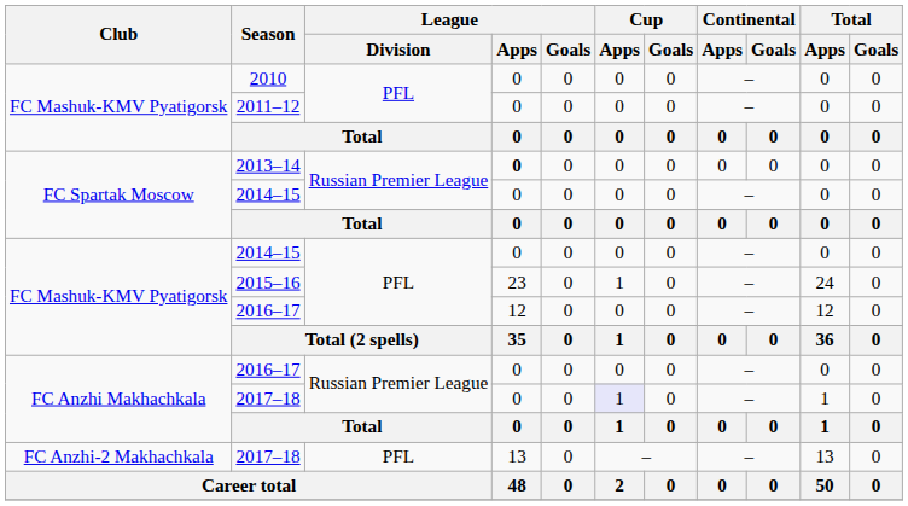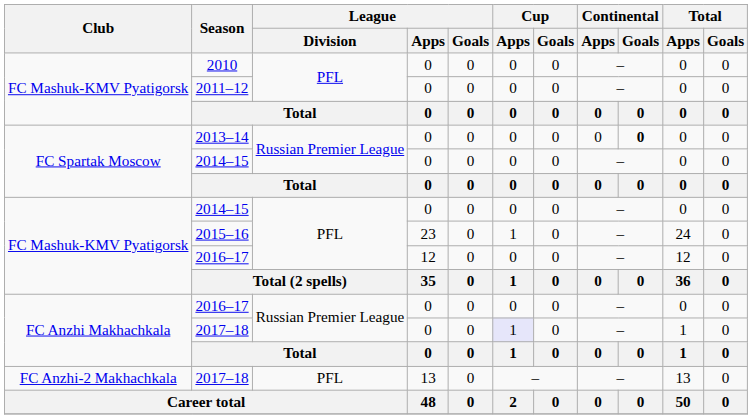 <table class="wikitable" style="text-align: center;">
 <tr>
 <th rowspan=2>Club</th>
 <th rowspan=2>Season</th>
 <th colspan=3>League</th>
 <th colspan=2>Cup</th>
 <th colspan=2>Continental</th>
 <th colspan=2>Total</th>
 </tr>
 <tr>
 <th>Division</th>
 <th>Apps</th>
 <th>Goals</th>
 <th>Apps</th>
 <th>Goals</th>
 <th>Apps</th>
 <th>Goals</th>
 <th>Apps</th>
 <th>Goals</th>
 </tr>
 <tr>
 <td rowspan=3><a href='#'>FC Mashuk-KMV Pyatigorsk</a></td>
 <td><a href='#'>2010</a></td>
 <td rowspan=2><a href='#'>PFL</a></td>
 <td>0</td>
 <td>0</td>
 <td>0</td>
 <td>0</td>
 <td colspan=2>–</td>
 <td>0</td>
 <td>0</td>
 </tr>
 <tr>
 <td><a href='#'>2011–12</a></td>
 <td>0</td>
 <td>0</td>
 <td>0</td>
 <td>0</td>
 <td colspan=2>–</td>
 <td>0</td>
 <td>0</td>
 </tr>
 <tr>
 <th colspan=2>Total</th>
 <th>0</th>
 <th>0</th>
 <th>0</th>
 <th>0</th>
 <th>0</th>
 <th>0</th>
 <th>0</th>
 <th>0</th>
 </tr>
 <tr>
 <td rowspan=3><a href='#'>FC Spartak Moscow</a></td>
 <td><a href='#'>2013–14</a></td>
 <td rowspan=2><a href='#'>Russian Premier League</a></td>
-<td><strong>0</strong></td>
 <td>0</td>
 <td>0</td>
 <td>0</td>
 <td>0</td>
 <td>0</td>
+<td><strong>0</strong></td>
 <td>0</td>
 <td>0</td>
 </tr>
 <tr>
 <td><a href='#'>2014–15</a></td>
 <td>0</td>
 <td>0</td>
 <td>0</td>
 <td>0</td>
 <td colspan=2>–</td>
 <td>0</td>
 <td>0</td>
 </tr>
 <tr>
 <th colspan=2>Total</th>
 <th>0</th>
 <th>0</th>
 <th>0</th>
 <th>0</th>
 <th>0</th>
 <th>0</th>
 <th>0</th>
 <th>0</th>
 </tr>
 <tr>
 <td rowspan=4><a href='#'>FC Mashuk-KMV Pyatigorsk</a></td>
 <td><a href='#'>2014–15</a></td>
 <td rowspan=3>PFL</td>
 <td>0</td>
 <td>0</td>
 <td>0</td>
 <td>0</td>
 <td colspan=2>–</td>
 <td>0</td>
 <td>0</td>
 </tr>
 <tr>
 <td><a href='#'>2015–16</a></td>
 <td>23</td>
 <td>0</td>
 <td>1</td>
 <td>0</td>
 <td colspan=2>–</td>
 <td>24</td>
 <td>0</td>
 </tr>
 <tr>
 <td><a href='#'>2016–17</a></td>
 <td>12</td>
 <td>0</td>
 <td>0</td>
 <td>0</td>
 <td colspan=2>–</td>
 <td>12</td>
 <td>0</td>
 </tr>
 <tr>
 <th colspan=2>Total (2 spells)</th>
 <th>35</th>
 <th>0</th>
 <th>1</th>
 <th>0</th>
 <th>0</th>
 <th>0</th>
 <th>36</th>
 <th>0</th>
 </tr>
 <tr>
 <td rowspan=3><a href='#'>FC Anzhi Makhachkala</a></td>
 <td><a href='#'>2016–17</a></td>
 <td rowspan=2>Russian Premier League</td>
 <td>0</td>
 <td>0</td>
 <td>0</td>
 <td>0</td>
 <td colspan=2>–</td>
 <td>0</td>
 <td>0</td>
 </tr>
 <tr>
 <td><a href='#'>2017–18</a></td>
 <td>0</td>
 <td>0</td>
 <td style="background: lavender;">1</td>
 <td>0</td>
 <td colspan=2>–</td>
 <td>1</td>
 <td>0</td>
 </tr>
 <tr>
 <th colspan=2>Total</th>
 <th>0</th>
 <th>0</th>
 <th>1</th>
 <th>0</th>
 <th>0</th>
 <th>0</th>
 <th>1</th>
 <th>0</th>
 </tr>
 <tr>
 <td><a href='#'>FC Anzhi-2 Makhachkala</a></td>
 <td><a href='#'>2017–18</a></td>
 <td>PFL</td>
 <td>13</td>
 <td>0</td>
 <td colspan=2>–</td>
 <td colspan=2>–</td>
 <td>13</td>
 <td>0</td>
 </tr>
 <tr>
 <th colspan=3>Career total</th>
 <th>48</th>
 <th>0</th>
 <th>2</th>
 <th>0</th>
 <th>0</th>
 <th>0</th>
 <th>50</th>
 <th>0</th>
 </tr>
 <tr>
 </tr>
 </table>
